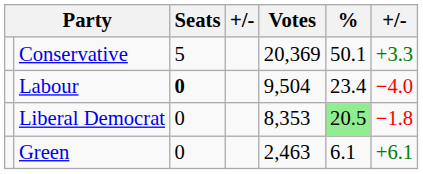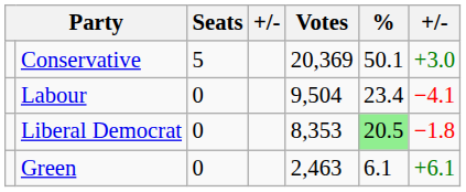 <table class="wikitable">
 <tr>
 <th colspan="2">Party</th>
 <th>Seats</th>
 <th>+/-</th>
 <th>Votes</th>
 <th>%</th>
 <th>+/-</th>
 </tr>
 <tr>
 <td style="background-color: "></td>
 <td><a href='#'>Conservative</a></td>
 <td>5</td>
 <td></td>
 <td>20,369</td>
 <td>50.1</td>
-<td style="color:green">+3.3</td>
+<td style="color:green">+3.0</td>
 </tr>
 <tr>
 <td style="background-color: "></td>
 <td><a href='#'>Labour</a></td>
-<td><strong>0</strong></td>
+<td>0</td>
 <td></td>
 <td>9,504</td>
 <td>23.4</td>
-<td style="color:red">−4.0</td>
+<td style="color:red">−4.1</td>
 </tr>
 <tr>
 <td style="background-color: "></td>
 <td><a href='#'>Liberal Democrat</a></td>
 <td>0</td>
 <td></td>
 <td>8,353</td>
 <td style="background: lightgreen;">20.5</td>
 <td style="color:red">−1.8</td>
 </tr>
 <tr>
 <td style="background-color: "></td>
 <td><a href='#'>Green</a></td>
 <td>0</td>
 <td></td>
 <td>2,463</td>
 <td>6.1</td>
 <td style="color:green">+6.1</td>
 </tr>
 </table>
